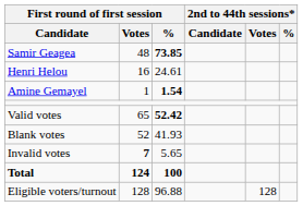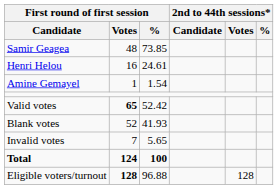 <table class=wikitable style=text-align:right>
 <tr>
 <th colspan="3">First round of first session</th>
 <th colspan="3">2nd to 44th sessions*</th>
 </tr>
 <tr>
 <th>Candidate</th>
 <th>Votes</th>
 <th>%</th>
 <th>Candidate</th>
 <th>Votes</th>
 <th>%</th>
 </tr>
 <tr>
 <td align=left><a href='#'>Samir Geagea</a></td>
 <td>48</td>
-<td><strong>73.85</strong></td>
+<td>73.85</td>
 <td></td>
 <td></td>
 <td></td>
 </tr>
 <tr>
 <td align=left><a href='#'>Henri Helou</a></td>
 <td>16</td>
 <td>24.61</td>
 <td></td>
 <td></td>
 <td></td>
 </tr>
 <tr>
 <td align=left><a href='#'>Amine Gemayel</a></td>
 <td>1</td>
-<td><strong>1.54</strong></td>
+<td>1.54</td>
 <td></td>
 <td></td>
 <td></td>
 </tr>
 <tr>
 <td colspan=12></td>
 </tr>
 <tr>
 <td style="text-align:left;">Valid votes</td>
-<td>65</td>
-<td><strong>52.42</strong></td>
+<td><strong>65</strong></td>
+<td>52.42</td>
 <td></td>
 <td></td>
 <td></td>
 </tr>
 <tr>
 <td style="text-align:left;">Blank votes</td>
 <td>52</td>
 <td>41.93</td>
 <td></td>
 <td></td>
 <td></td>
 </tr>
 <tr>
 <td style="text-align:left;">Invalid votes</td>
-<td><strong>7</strong></td>
+<td>7</td>
 <td>5.65</td>
 <td></td>
 <td></td>
 <td></td>
 </tr>
 <tr>
 <td style="text-align:left;"><strong>Total</strong></td>
 <td><strong>124</strong></td>
 <td><strong>100</strong></td>
 <td></td>
 <td></td>
 <td></td>
 </tr>
 <tr>
 <td style="text-align:left;">Eligible voters/turnout</td>
-<td>128</td>
+<td><strong>128</strong></td>
 <td>96.88</td>
 <td></td>
 <td>128</td>
 <td></td>
 </tr>
 </table>
